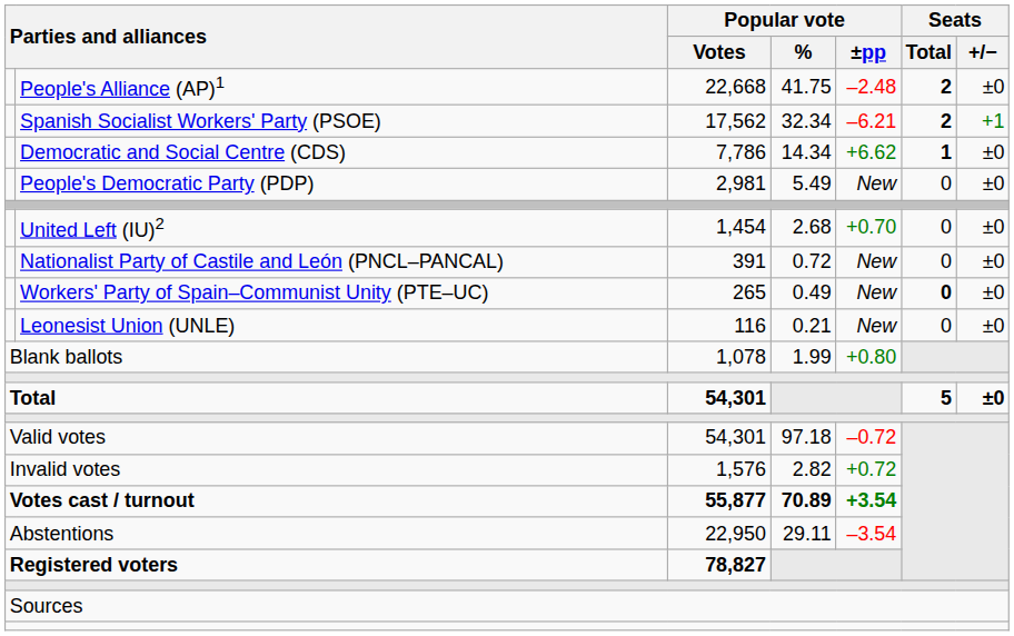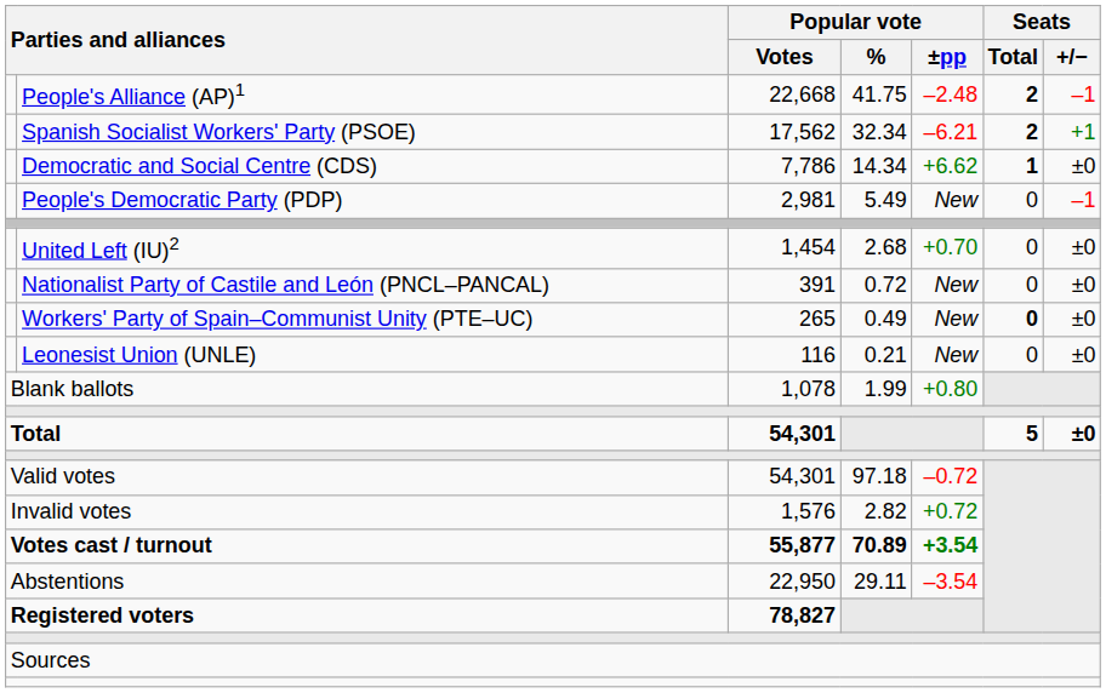 <table class="wikitable" style="text-align:right;">
 <tr>
 <th style="text-align:left;" rowspan="2" colspan="2" width="525">Parties and alliances</th>
 <th colspan="3">Popular vote</th>
 <th colspan="2">Seats</th>
 </tr>
 <tr>
 <th width="75">Votes</th>
 <th width="45">%</th>
 <th width="45">±<a href='#'>pp</a></th>
 <th width="35">Total</th>
 <th width="35">+/−</th>
 </tr>
 <tr>
 <td width="1" style="color:inherit;background:"></td>
 <td align="left"><a href='#'>People's Alliance</a> (AP)<sup>1</sup></td>
 <td>22,668</td>
 <td>41.75</td>
 <td style="color:red;">–2.48</td>
 <td><strong>2</strong></td>
-<td>±0</td>
+<td style="color:red;">–1</td>
 </tr>
 <tr>
 <td style="color:inherit;background:"></td>
 <td align="left"><a href='#'>Spanish Socialist Workers' Party</a> (PSOE)</td>
 <td>17,562</td>
 <td>32.34</td>
 <td style="color:red;">–6.21</td>
 <td><strong>2</strong></td>
 <td style="color:green;">+1</td>
 </tr>
 <tr>
 <td style="color:inherit;background:"></td>
 <td align="left"><a href='#'>Democratic and Social Centre</a> (CDS)</td>
 <td>7,786</td>
 <td>14.34</td>
 <td style="color:green;">+6.62</td>
 <td><strong>1</strong></td>
 <td>±0</td>
 </tr>
 <tr>
 <td style="color:inherit;background:"></td>
 <td align="left"><a href='#'>People's Democratic Party</a> (PDP)</td>
 <td>2,981</td>
 <td>5.49</td>
 <td><em>New</em></td>
 <td>0</td>
-<td>±0</td>
+<td style="color:red;">–1</td>
 </tr>
 <tr>
 <td colspan="7" bgcolor="#C0C0C0"></td>
 </tr>
 <tr>
 <td style="color:inherit;background:"></td>
 <td align="left"><a href='#'>United Left</a> (IU)<sup>2</sup></td>
 <td>1,454</td>
 <td>2.68</td>
 <td style="color:green;">+0.70</td>
 <td>0</td>
 <td>±0</td>
 </tr>
 <tr>
 <td style="color:inherit;background:"></td>
 <td align="left"><a href='#'>Nationalist Party of Castile and León</a> (PNCL–PANCAL)</td>
 <td>391</td>
 <td>0.72</td>
 <td><em>New</em></td>
 <td>0</td>
 <td>±0</td>
 </tr>
 <tr>
 <td style="color:inherit;background:"></td>
 <td align="left"><a href='#'>Workers' Party of Spain–Communist Unity</a> (PTE–UC)</td>
 <td>265</td>
 <td>0.49</td>
 <td><em>New</em></td>
 <td><strong>0</strong></td>
 <td>±0</td>
 </tr>
 <tr>
 <td style="color:inherit;background:"></td>
 <td align="left"><a href='#'>Leonesist Union</a> (UNLE)</td>
 <td>116</td>
 <td>0.21</td>
 <td><em>New</em></td>
 <td>0</td>
 <td>±0</td>
 </tr>
 <tr>
 <td align="left" colspan="2">Blank ballots</td>
 <td>1,078</td>
 <td>1.99</td>
 <td style="color:green;">+0.80</td>
 <td bgcolor="#E9E9E9" colspan="2"></td>
 </tr>
 <tr>
 <td colspan="7" bgcolor="#E9E9E9"></td>
 </tr>
 <tr style="font-weight:bold;">
 <td align="left" colspan="2">Total</td>
 <td>54,301</td>
 <td bgcolor="#E9E9E9" colspan="2"></td>
 <td>5</td>
 <td>±0</td>
 </tr>
 <tr>
 <td colspan="7" bgcolor="#E9E9E9"></td>
 </tr>
 <tr>
 <td align="left" colspan="2">Valid votes</td>
 <td>54,301</td>
 <td>97.18</td>
 <td style="color:red;">–0.72</td>
 <td bgcolor="#E9E9E9" colspan="2" rowspan="5"></td>
 </tr>
 <tr>
 <td align="left" colspan="2">Invalid votes</td>
 <td>1,576</td>
 <td>2.82</td>
 <td style="color:green;">+0.72</td>
 </tr>
 <tr style="font-weight:bold;">
 <td align="left" colspan="2">Votes cast / turnout</td>
 <td>55,877</td>
 <td>70.89</td>
 <td style="color:green;">+3.54</td>
 </tr>
 <tr>
 <td align="left" colspan="2">Abstentions</td>
 <td>22,950</td>
 <td>29.11</td>
 <td style="color:red;">–3.54</td>
 </tr>
 <tr style="font-weight:bold;">
 <td align="left" colspan="2">Registered voters</td>
 <td>78,827</td>
 <td bgcolor="#E9E9E9" colspan="2"></td>
 </tr>
 <tr>
 <td colspan="7" bgcolor="#E9E9E9"></td>
 </tr>
 <tr>
 <td align="left" colspan="7">Sources</td>
 </tr>
 <tr>
 <td colspan="7" style="text-align:left; max-width:790px;"></td>
 </tr>
 </table>
